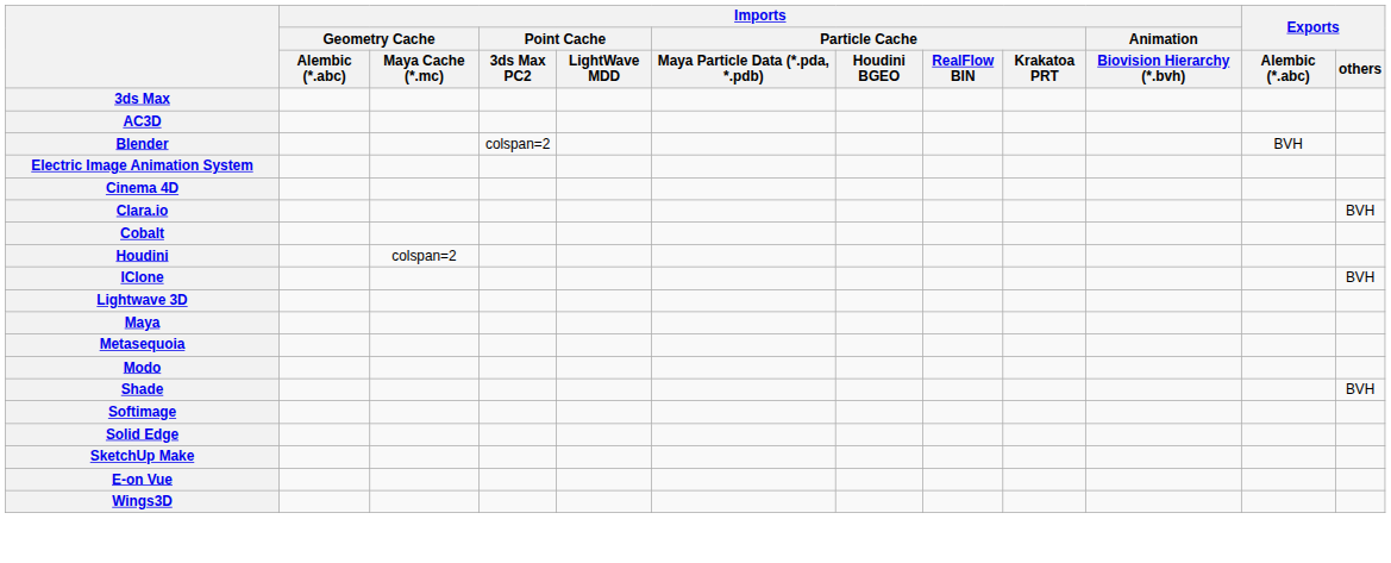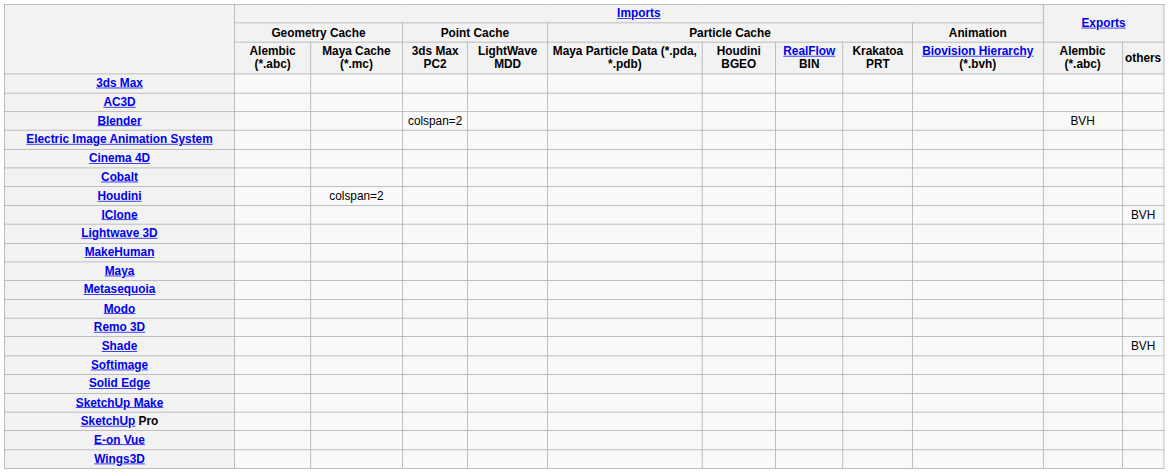 <table class="sortable sort-under wikitable" style="text-align: center; ">
 <tr>
 <th rowspan="3" style="width:20%"></th>
 <th colspan="9" style="width:70%"><a href='#'>Imports</a></th>
 <th rowspan="2" colspan="2" style="width:10%"><a href='#'>Exports</a></th>
 </tr>
 <tr>
 <th colspan=2>Geometry Cache</th>
 <th colspan=2>Point Cache</th>
 <th colspan=4>Particle Cache</th>
 <th>Animation</th>
 </tr>
 <tr>
 <th>Alembic (*.abc)</th>
 <th>Maya Cache (*.mc) </th>
 <th>3ds Max PC2 </th>
 <th>LightWave MDD</th>
 <th>Maya Particle Data (*.pda, *.pdb)</th>
 <th>Houdini BGEO</th>
 <th><a href='#'>RealFlow</a> BIN</th>
 <th>Krakatoa PRT</th>
 <th><a href='#'>Biovision Hierarchy</a> (*.bvh)</th>
 <th>Alembic (*.abc)</th>
 <th>others</th>
 </tr>
 <tr>
 <th><a href='#'>3ds Max</a></th>
 <td></td>
 <td></td>
 <td></td>
 <td></td>
 <td></td>
 <td></td>
 <td></td>
 <td></td>
 <td></td>
 <td></td>
 <td></td>
 </tr>
 <tr>
 <th><a href='#'>AC3D</a></th>
 <td></td>
 <td></td>
 <td></td>
 <td></td>
 <td></td>
 <td></td>
 <td></td>
 <td></td>
 <td></td>
 <td></td>
 <td></td>
 </tr>
 <tr>
 <th><a href='#'>Blender</a></th>
 <td></td>
 <td></td>
 <td>colspan=2 </td>
 <td></td>
 <td></td>
 <td></td>
 <td></td>
 <td></td>
 <td></td>
 <td>BVH</td>
 </tr>
 <tr>
 <th><a href='#'>Electric Image Animation System</a></th>
 <td></td>
 <td></td>
 <td></td>
 <td></td>
 <td></td>
 <td></td>
 <td></td>
 <td></td>
 <td></td>
 <td></td>
 <td></td>
 </tr>
 <tr>
 <th><a href='#'>Cinema 4D</a></th>
 <td></td>
 <td></td>
 <td></td>
 <td></td>
 <td></td>
 <td></td>
 <td></td>
 <td></td>
 <td></td>
 <td></td>
 <td></td>
 </tr>
 <tr>
-<th><a href='#'>Clara.io</a></th>
-<td></td>
-<td></td>
-<td></td>
-<td></td>
-<td></td>
-<td></td>
-<td></td>
-<td></td>
-<td></td>
-<td></td>
-<td>BVH</td>
-</tr>
-<tr>
 <th><a href='#'>Cobalt</a></th>
 <td></td>
 <td></td>
 <td></td>
 <td></td>
 <td></td>
 <td></td>
 <td></td>
 <td></td>
 <td></td>
 <td></td>
 <td></td>
 </tr>
 <tr>
 <th><a href='#'>Houdini</a></th>
 <td></td>
 <td>colspan=2 </td>
 <td></td>
 <td></td>
 <td></td>
 <td></td>
 <td></td>
 <td></td>
 <td></td>
 <td></td>
 </tr>
 <tr>
 <th><a href='#'>IClone</a></th>
 <td></td>
 <td></td>
 <td></td>
 <td></td>
 <td></td>
 <td></td>
 <td></td>
 <td></td>
 <td></td>
 <td></td>
 <td>BVH</td>
 </tr>
 <tr>
 <th><a href='#'>Lightwave 3D</a></th>
 <td></td>
 <td></td>
 <td></td>
 <td></td>
 <td></td>
 <td></td>
 <td></td>
 <td></td>
 <td></td>
 <td></td>
 <td></td>
 </tr>
 <tr>
+<th><a href='#'>MakeHuman</a></th>
+<td></td>
+<td></td>
+<td></td>
+<td></td>
+<td></td>
+<td></td>
+<td></td>
+<td></td>
+<td></td>
+<td></td>
+<td></td>
+</tr>
+<tr>
 <th><a href='#'>Maya</a></th>
 <td></td>
 <td></td>
 <td></td>
 <td></td>
 <td></td>
 <td></td>
 <td></td>
 <td></td>
 <td></td>
 <td></td>
 <td></td>
 </tr>
 <tr>
 <th><a href='#'>Metasequoia</a></th>
 <td></td>
 <td></td>
 <td></td>
 <td></td>
 <td></td>
 <td></td>
 <td></td>
 <td></td>
 <td></td>
 <td></td>
 <td></td>
 </tr>
 <tr>
 <th><a href='#'>Modo</a></th>
+<td></td>
+<td></td>
+<td></td>
+<td></td>
+<td></td>
+<td></td>
+<td></td>
+<td></td>
+<td></td>
+<td></td>
+<td></td>
+</tr>
+<tr>
+<th><a href='#'>Remo 3D</a></th>
 <td></td>
 <td></td>
 <td></td>
 <td></td>
 <td></td>
 <td></td>
 <td></td>
 <td></td>
 <td></td>
 <td></td>
 <td></td>
 </tr>
 <tr>
 <th><a href='#'>Shade</a></th>
 <td></td>
 <td></td>
 <td></td>
 <td></td>
 <td></td>
 <td></td>
 <td></td>
 <td></td>
 <td></td>
 <td></td>
 <td>BVH</td>
 </tr>
 <tr>
 <th><a href='#'>Softimage</a></th>
 <td></td>
 <td></td>
 <td></td>
 <td></td>
 <td></td>
 <td></td>
 <td></td>
 <td></td>
 <td></td>
 <td></td>
 <td></td>
 </tr>
 <tr>
 <th><a href='#'>Solid Edge</a></th>
 <td></td>
 <td></td>
 <td></td>
 <td></td>
 <td></td>
 <td></td>
 <td></td>
 <td></td>
 <td></td>
 <td></td>
 <td></td>
 </tr>
 <tr>
 <th><a href='#'>SketchUp Make</a></th>
 <td></td>
 <td></td>
 <td></td>
 <td></td>
 <td></td>
 <td></td>
 <td></td>
 <td></td>
 <td></td>
 <td></td>
 <td></td>
 </tr>
 <tr>
+<th><a href='#'>SketchUp</a> Pro</th>
+<td></td>
+<td></td>
+<td></td>
+<td></td>
+<td></td>
+<td></td>
+<td></td>
+<td></td>
+<td></td>
+<td></td>
+<td></td>
+</tr>
+<tr>
 <th><a href='#'>E-on Vue</a></th>
 <td></td>
 <td></td>
 <td></td>
 <td></td>
 <td></td>
 <td></td>
 <td></td>
 <td></td>
 <td></td>
 <td></td>
 <td></td>
 </tr>
 <tr>
 <th><a href='#'>Wings3D</a></th>
 <td></td>
 <td></td>
 <td></td>
 <td></td>
 <td></td>
 <td></td>
 <td></td>
 <td></td>
 <td></td>
 <td></td>
 <td></td>
 </tr>
 </table>
